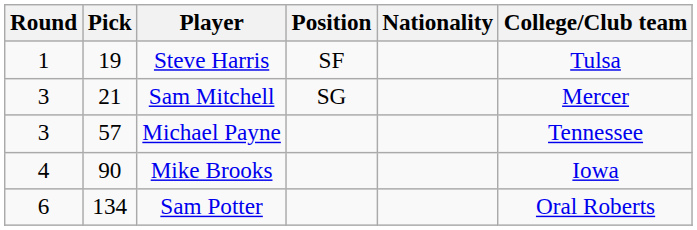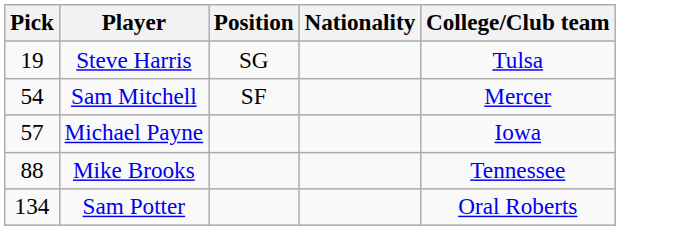 <table class="wikitable sortable sortable">
 <tr>
-<th>Round</th>
 <th>Pick</th>
 <th>Player</th>
 <th>Position</th>
 <th>Nationality</th>
 <th>College/Club team</th>
 </tr>
 <tr style="text-align: center">
-<td>1</td>
 <td>19</td>
 <td><a href='#'>Steve Harris</a></td>
-<td>SF</td>
+<td>SG</td>
 <td></td>
 <td><a href='#'>Tulsa</a></td>
 </tr>
 <tr style="text-align: center">
-<td>3</td>
-<td>21</td>
+<td>54</td>
 <td><a href='#'>Sam Mitchell</a></td>
-<td>SG</td>
+<td>SF</td>
 <td></td>
 <td><a href='#'>Mercer</a></td>
 </tr>
 <tr style="text-align: center">
-<td>3</td>
 <td>57</td>
 <td><a href='#'>Michael Payne</a></td>
+<td></td>
+<td></td>
+<td><a href='#'>Iowa</a></td>
+</tr>
+<tr style="text-align: center">
+<td>88</td>
+<td><a href='#'>Mike Brooks</a></td>
 <td></td>
 <td></td>
 <td><a href='#'>Tennessee</a></td>
 </tr>
 <tr style="text-align: center">
-<td>4</td>
-<td>90</td>
-<td><a href='#'>Mike Brooks</a></td>
-<td></td>
-<td></td>
-<td><a href='#'>Iowa</a></td>
-</tr>
-<tr style="text-align: center">
-<td>6</td>
 <td>134</td>
 <td><a href='#'>Sam Potter</a></td>
 <td></td>
 <td></td>
 <td><a href='#'>Oral Roberts</a></td>
 </tr>
 </table>
